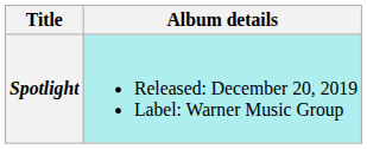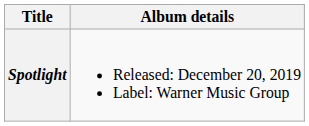 <table class="wikitable plainrowheaders">
 <tr>
 <th>Title</th>
 <th>Album details</th>
 </tr>
 <tr>
 <th scope="row"><em>Spotlight</em></th>
-<td style="background: paleturquoise;"><br><ul><li>Released: December 20, 2019</li><li>Label: Warner Music Group</li></ul></td>
+<td><br><ul><li>Released: December 20, 2019</li><li>Label: Warner Music Group</li></ul></td>
 </tr>
 </table>
